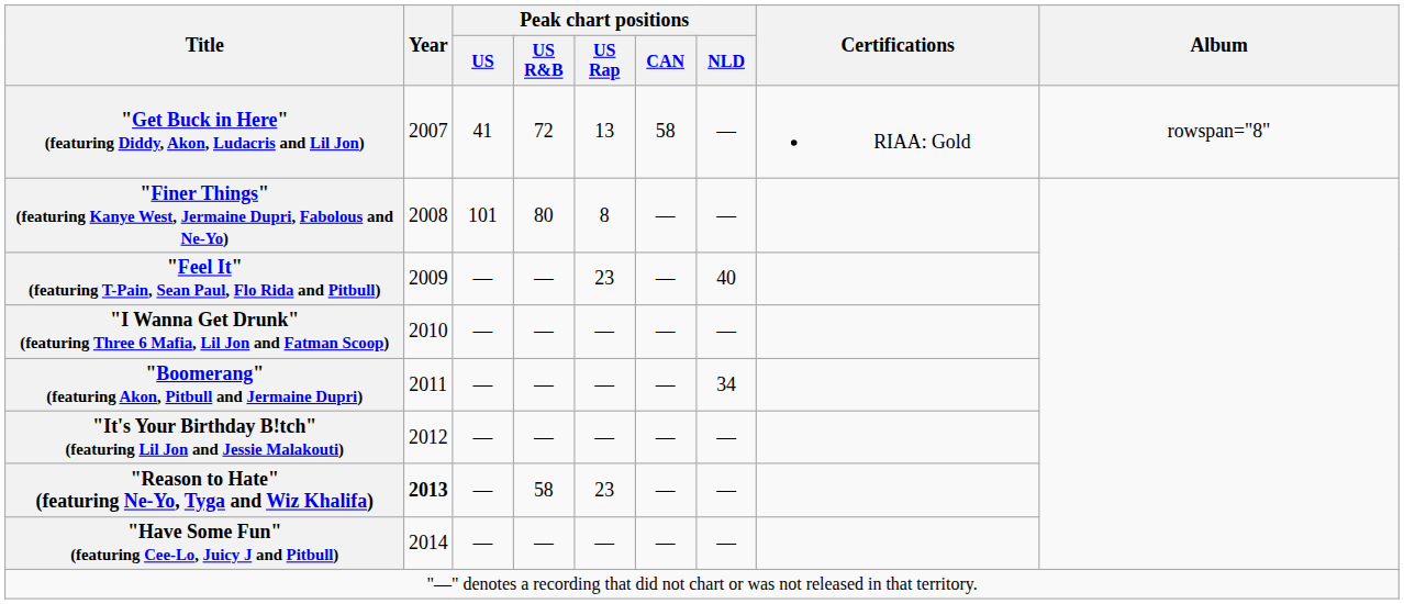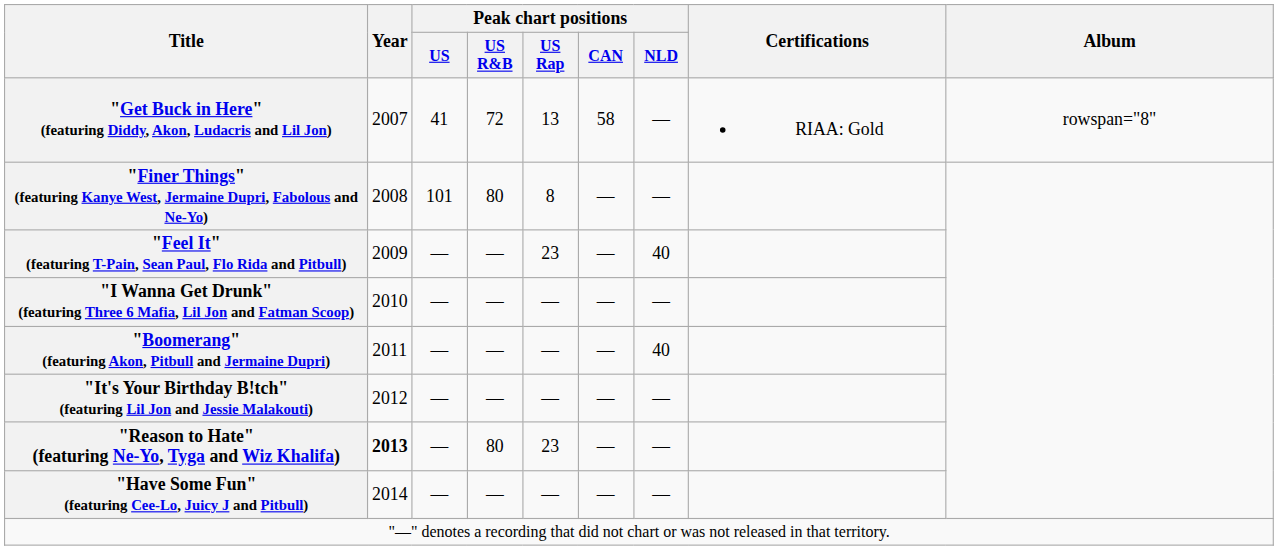 <table class="wikitable plainrowheaders" style="text-align:center;" border="1">
 <tr>
 <th scope="col" rowspan="2" style="width:20em;">Title</th>
 <th scope="col" rowspan="2" style="width:1em;">Year</th>
 <th scope="col" colspan="5">Peak chart positions</th>
 <th scope="col" rowspan="2" style="width:14em;">Certifications</th>
 <th scope="col" rowspan="2" style="width:18em;">Album</th>
 </tr>
 <tr>
 <th style="width:3em; font-size:90%"><a href='#'>US</a></th>
 <th style="width:3em; font-size:90%"><a href='#'>US<br>R&B</a></th>
 <th style="width:3em; font-size:90%"><a href='#'>US<br>Rap</a></th>
 <th style="width:3em; font-size:90%"><a href='#'>CAN</a></th>
 <th style="width:3em; font-size:90%"><a href='#'>NLD</a></th>
 </tr>
 <tr>
 <th scope="row">"<a href='#'>Get Buck in Here</a>"<br><small>(featuring <a href='#'>Diddy</a>, <a href='#'>Akon</a>, <a href='#'>Ludacris</a> and <a href='#'>Lil Jon</a>)</small></th>
 <td>2007</td>
 <td>41</td>
 <td>72</td>
 <td>13</td>
 <td>58</td>
 <td>—</td>
 <td><br><ul><li>RIAA: Gold</li></ul></td>
 <td>rowspan="8" </td>
 </tr>
 <tr>
 <th scope="row">"<a href='#'>Finer Things</a>"<br><small>(featuring <a href='#'>Kanye West</a>, <a href='#'>Jermaine Dupri</a>, <a href='#'>Fabolous</a> and <a href='#'>Ne-Yo</a>)</small></th>
 <td>2008</td>
 <td>101</td>
 <td>80</td>
 <td>8</td>
 <td>—</td>
 <td>—</td>
 <td></td>
 </tr>
 <tr>
 <th scope="row">"<a href='#'>Feel It</a>"<br><small>(featuring <a href='#'>T-Pain</a>, <a href='#'>Sean Paul</a>, <a href='#'>Flo Rida</a> and <a href='#'>Pitbull</a>)</small></th>
 <td>2009</td>
 <td>—</td>
 <td>—</td>
 <td>23</td>
 <td>—</td>
 <td>40</td>
 <td></td>
 </tr>
 <tr>
 <th scope="row">"I Wanna Get Drunk"<br><small>(featuring <a href='#'>Three 6 Mafia</a>, <a href='#'>Lil Jon</a> and <a href='#'>Fatman Scoop</a>)</small></th>
 <td>2010</td>
 <td>—</td>
 <td>—</td>
 <td>—</td>
 <td>—</td>
 <td>—</td>
 <td></td>
 </tr>
 <tr>
 <th scope="row">"<a href='#'>Boomerang</a>"<br><small>(featuring <a href='#'>Akon</a>, <a href='#'>Pitbull</a> and <a href='#'>Jermaine Dupri</a>)</small></th>
 <td>2011</td>
 <td>—</td>
 <td>—</td>
 <td>—</td>
 <td>—</td>
-<td>34</td>
+<td>40</td>
 <td></td>
 </tr>
 <tr>
 <th scope="row">"It's Your Birthday B!tch"<br><small>(featuring <a href='#'>Lil Jon</a> and <a href='#'>Jessie Malakouti</a>)</small></th>
 <td>2012</td>
 <td>—</td>
 <td>—</td>
 <td>—</td>
 <td>—</td>
 <td>—</td>
 <td></td>
 </tr>
 <tr>
 <th scope="row">"Reason to Hate"<br><span>(featuring <a href='#'>Ne-Yo</a>, <a href='#'>Tyga</a> and <a href='#'>Wiz Khalifa</a>)</span></th>
 <td><strong>2013</strong></td>
 <td>—</td>
-<td>58</td>
+<td>80</td>
 <td>23</td>
 <td>—</td>
 <td>—</td>
 <td></td>
 </tr>
 <tr>
 <th scope="row">"Have Some Fun"<br><small>(featuring <a href='#'>Cee-Lo</a>, <a href='#'>Juicy J</a> and <a href='#'>Pitbull</a>)</small></th>
 <td>2014</td>
 <td>—</td>
 <td>—</td>
 <td>—</td>
 <td>—</td>
 <td>—</td>
 <td></td>
 </tr>
 <tr>
 <td colspan="10" style="font-size:90%">"—" denotes a recording that did not chart or was not released in that territory.</td>
 </tr>
 </table>
